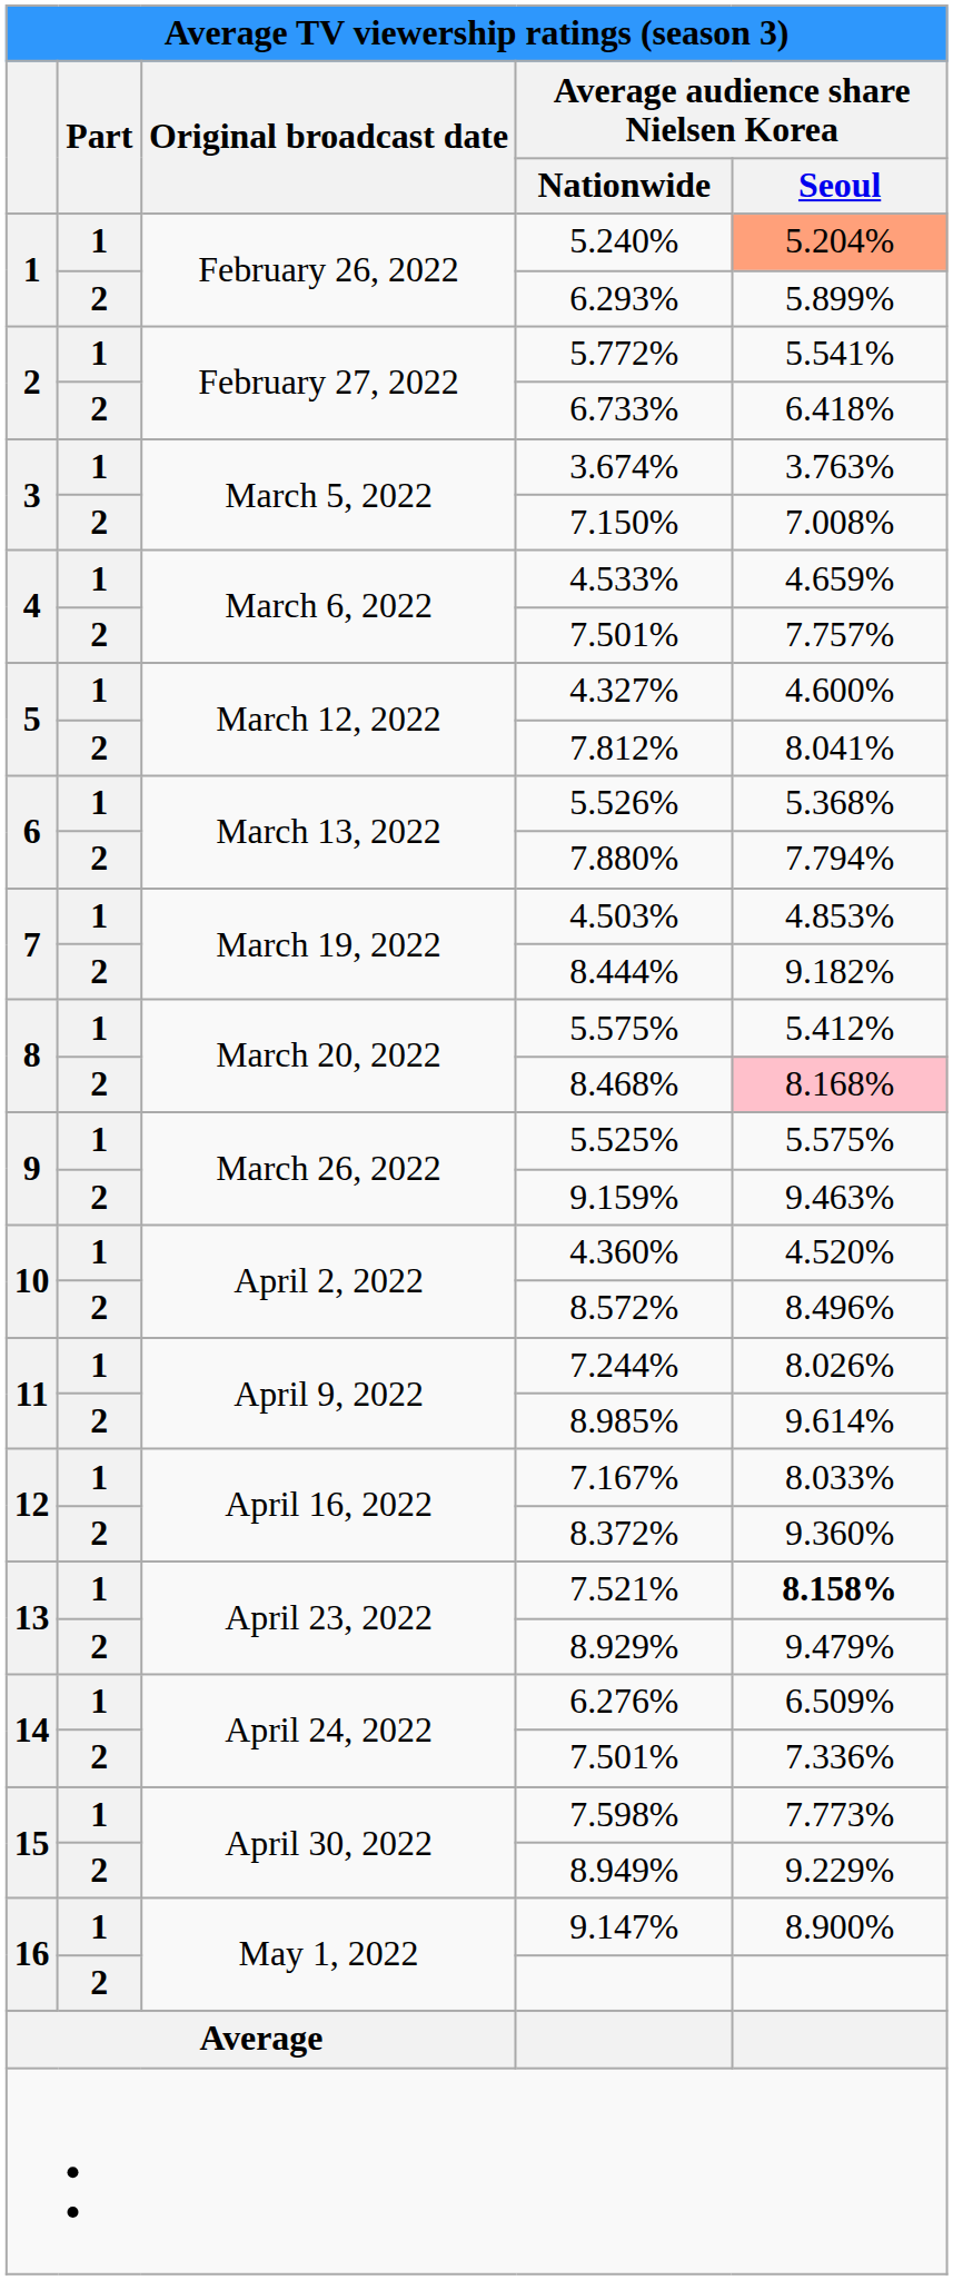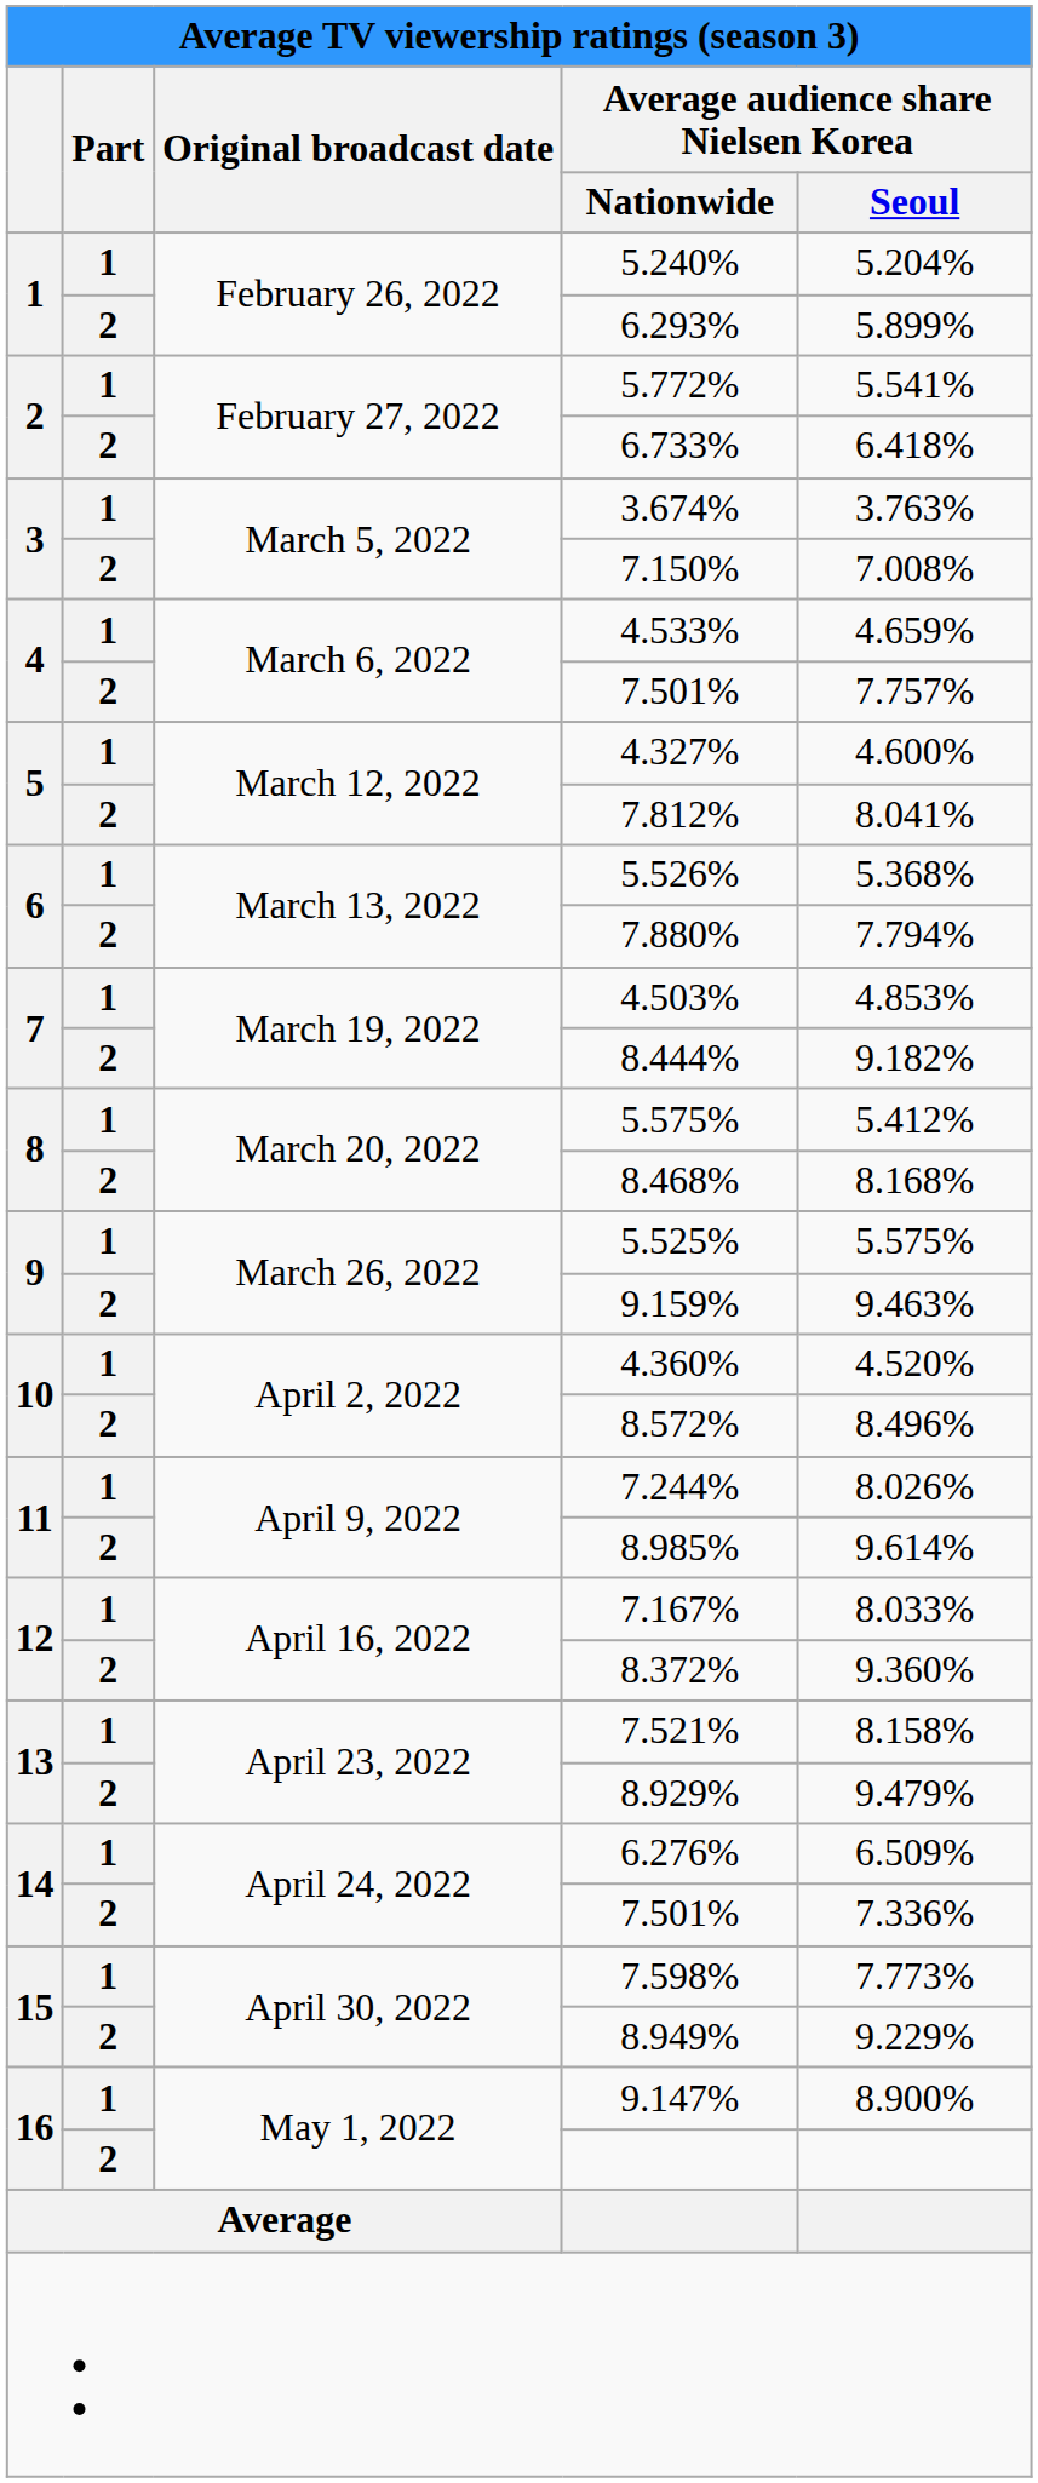 <table role="presentation" class="wikitable mw-collapsible mw-collapsed innercollapse" style="text-align:center;max-width:500px; margin-left: auto; margin-right: auto; border: none;">
 <tr>
 <th colspan="6" style="background:#2E97FC; text-align:center">Average TV viewership ratings (season 3)</th>
 </tr>
 <tr>
 <th rowspan="2"></th>
 <th rowspan="2">Part</th>
 <th rowspan="2">Original broadcast date</th>
 <th colspan="2">Average audience share<br> Nielsen Korea</th>
 </tr>
 <tr>
 <th width="90">Nationwide</th>
 <th width="90"><a href='#'>Seoul</a></th>
 </tr>
 <tr>
 <th rowspan="2">1</th>
 <th>1</th>
 <td rowspan="2">February 26, 2022</td>
 <td>5.240% </td>
-<td style="background: lightsalmon;">5.204% </td>
+<td>5.204% </td>
 </tr>
 <tr>
 <th>2</th>
 <td>6.293% </td>
 <td>5.899% </td>
 </tr>
 <tr>
 <th rowspan="2">2</th>
 <th>1</th>
 <td rowspan="2">February 27, 2022</td>
 <td>5.772% </td>
 <td>5.541% </td>
 </tr>
 <tr>
 <th>2</th>
 <td>6.733% </td>
 <td>6.418% </td>
 </tr>
 <tr>
 <th rowspan="2">3</th>
 <th>1</th>
 <td rowspan="2">March 5, 2022</td>
 <td>3.674% </td>
 <td>3.763% </td>
 </tr>
 <tr>
 <th>2</th>
 <td>7.150% </td>
 <td>7.008% </td>
 </tr>
 <tr>
 <th rowspan="2">4</th>
 <th>1</th>
 <td rowspan="2">March 6, 2022</td>
 <td>4.533% </td>
 <td>4.659% </td>
 </tr>
 <tr>
 <th>2</th>
 <td>7.501% </td>
 <td>7.757% </td>
 </tr>
 <tr>
 <th rowspan="2">5</th>
 <th>1</th>
 <td rowspan="2">March 12, 2022</td>
 <td>4.327% </td>
 <td>4.600% </td>
 </tr>
 <tr>
 <th>2</th>
 <td>7.812% </td>
 <td>8.041% </td>
 </tr>
 <tr>
 <th rowspan="2">6</th>
 <th>1</th>
 <td rowspan="2">March 13, 2022</td>
 <td>5.526% </td>
 <td>5.368% </td>
 </tr>
 <tr>
 <th>2</th>
 <td>7.880% </td>
 <td>7.794% </td>
 </tr>
 <tr>
 <th rowspan="2">7</th>
 <th>1</th>
 <td rowspan="2">March 19, 2022</td>
 <td>4.503% </td>
 <td>4.853% </td>
 </tr>
 <tr>
 <th>2</th>
 <td>8.444% </td>
 <td>9.182% </td>
 </tr>
 <tr>
 <th rowspan="2">8</th>
 <th>1</th>
 <td rowspan="2">March 20, 2022</td>
 <td>5.575% </td>
 <td>5.412% </td>
 </tr>
 <tr>
 <th>2</th>
 <td>8.468% </td>
-<td style="background: pink;">8.168% </td>
+<td>8.168% </td>
 </tr>
 <tr>
 <th rowspan="2">9</th>
 <th>1</th>
 <td rowspan="2">March 26, 2022</td>
 <td>5.525% </td>
 <td>5.575% </td>
 </tr>
 <tr>
 <th>2</th>
 <td>9.159% </td>
 <td>9.463% </td>
 </tr>
 <tr>
 <th rowspan="2">10</th>
 <th>1</th>
 <td rowspan="2">April 2, 2022 </td>
 <td>4.360% </td>
 <td>4.520% </td>
 </tr>
 <tr>
 <th>2</th>
 <td>8.572% </td>
 <td>8.496% </td>
 </tr>
 <tr>
 <th rowspan="2">11</th>
 <th>1</th>
 <td rowspan="2">April 9, 2022 </td>
 <td>7.244% </td>
 <td>8.026% </td>
 </tr>
 <tr>
 <th>2</th>
 <td>8.985% </td>
 <td>9.614% </td>
 </tr>
 <tr>
 <th rowspan="2">12</th>
 <th>1</th>
 <td rowspan="2">April 16, 2022</td>
 <td>7.167% </td>
 <td>8.033% </td>
 </tr>
 <tr>
 <th>2</th>
 <td>8.372% </td>
 <td>9.360% </td>
 </tr>
 <tr>
 <th rowspan="2">13</th>
 <th>1</th>
 <td rowspan="2">April 23, 2022</td>
 <td>7.521% </td>
-<td><strong>8.158% </strong></td>
+<td>8.158% </td>
 </tr>
 <tr>
 <th>2</th>
 <td>8.929% </td>
 <td>9.479% </td>
 </tr>
 <tr>
 <th rowspan="2">14</th>
 <th>1</th>
 <td rowspan="2">April 24, 2022</td>
 <td>6.276% </td>
 <td>6.509% </td>
 </tr>
 <tr>
 <th>2</th>
 <td>7.501% </td>
 <td>7.336% </td>
 </tr>
 <tr>
 <th rowspan="2">15</th>
 <th>1</th>
 <td rowspan="2">April 30, 2022</td>
 <td>7.598% </td>
 <td>7.773% </td>
 </tr>
 <tr>
 <th>2</th>
 <td>8.949% </td>
 <td>9.229% </td>
 </tr>
 <tr>
 <th rowspan="2">16</th>
 <th>1</th>
 <td rowspan="2">May 1, 2022</td>
 <td>9.147% </td>
 <td>8.900% </td>
 </tr>
 <tr>
 <th>2</th>
 <td><strong></strong> </td>
 <td><strong></strong> </td>
 </tr>
 <tr>
 <th colspan="3">Average</th>
 <th></th>
 <th></th>
 </tr>
 <tr>
 <td colspan="5"><br><ul><li></li><li></li></ul></td>
 </tr>
 </table>
